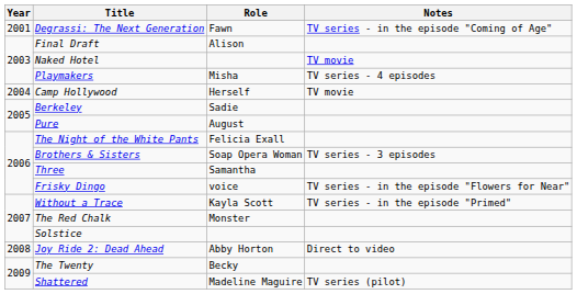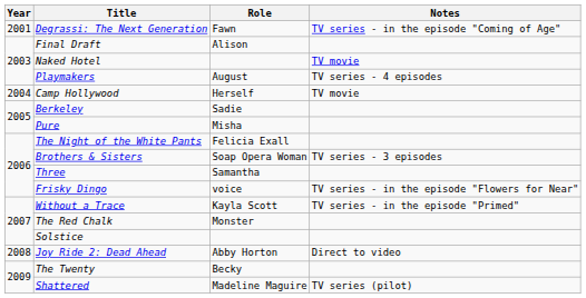 <table class="wikitable sortable">
 <tr>
 <th>Year</th>
 <th>Title</th>
 <th>Role</th>
 <th class="unsortable">Notes</th>
 </tr>
 <tr>
 <td>2001</td>
 <td><em><a href='#'>Degrassi: The Next Generation</a></em></td>
 <td>Fawn</td>
 <td><a href='#'>TV series</a> - in the episode "Coming of Age"</td>
 </tr>
 <tr>
 <td rowspan=3>2003</td>
 <td><em>Final Draft</em></td>
 <td>Alison</td>
 <td></td>
 </tr>
 <tr>
 <td><em>Naked Hotel</em></td>
 <td></td>
 <td><a href='#'>TV movie</a></td>
 </tr>
 <tr>
 <td><em><a href='#'>Playmakers</a></em></td>
-<td>Misha</td>
+<td>August</td>
 <td>TV series - 4 episodes</td>
 </tr>
 <tr>
 <td rowspan=1>2004</td>
 <td><em>Camp Hollywood</em></td>
 <td>Herself</td>
 <td>TV movie</td>
 </tr>
 <tr>
 <td rowspan=2>2005</td>
 <td><em><a href='#'>Berkeley</a></em></td>
 <td>Sadie</td>
 <td></td>
 </tr>
 <tr>
 <td><em><a href='#'>Pure</a></em></td>
-<td>August</td>
+<td>Misha</td>
 <td></td>
 </tr>
 <tr>
 <td rowspan=4>2006</td>
 <td data-sort-value="Night of the White Pants, The"><em><a href='#'>The Night of the White Pants</a></em></td>
 <td>Felicia Exall</td>
 <td></td>
 </tr>
 <tr>
 <td><em><a href='#'>Brothers & Sisters</a></em></td>
 <td>Soap Opera Woman</td>
 <td>TV series - 3 episodes</td>
 </tr>
 <tr>
 <td><em><a href='#'>Three</a></em></td>
 <td>Samantha</td>
 <td></td>
 </tr>
 <tr>
 <td><em><a href='#'>Frisky Dingo</a></em></td>
 <td>voice</td>
 <td>TV series - in the episode "Flowers for Near"</td>
 </tr>
 <tr>
 <td rowspan=3>2007</td>
 <td><em><a href='#'>Without a Trace</a></em></td>
 <td>Kayla Scott</td>
 <td>TV series - in the episode "Primed"</td>
 </tr>
 <tr>
 <td data-sort-value="Red Chalk, The"><em>The Red Chalk</em></td>
 <td>Monster</td>
 <td></td>
 </tr>
 <tr>
 <td><em>Solstice</em></td>
 <td></td>
 <td></td>
 </tr>
 <tr>
 <td>2008</td>
 <td><em><a href='#'>Joy Ride 2: Dead Ahead</a></em></td>
 <td>Abby Horton</td>
 <td>Direct to video</td>
 </tr>
 <tr>
 <td rowspan=2>2009</td>
 <td data-sort-value="Twenty, The"><em>The Twenty</em></td>
 <td>Becky</td>
 <td></td>
 </tr>
 <tr>
 <td><em><a href='#'>Shattered</a></em></td>
 <td>Madeline Maguire</td>
 <td>TV series (pilot)</td>
 </tr>
 </table>
